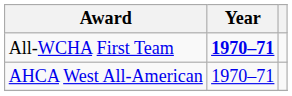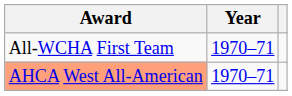 <table class="wikitable">
 <tr>
 <th>Award</th>
 <th>Year</th>
 <th></th>
 </tr>
 <tr>
 <td>All-<a href='#'>WCHA</a> <a href='#'>First Team</a></td>
-<td><strong><a href='#'>1970–71</a></strong></td>
+<td><a href='#'>1970–71</a></td>
 <td></td>
 </tr>
 <tr>
-<td><a href='#'>AHCA</a> <a href='#'>West All-American</a></td>
+<td style="background: lightsalmon;"><a href='#'>AHCA</a> <a href='#'>West All-American</a></td>
 <td><a href='#'>1970–71</a></td>
 <td></td>
 </tr>
 <tr>
 </tr>
 </table>
